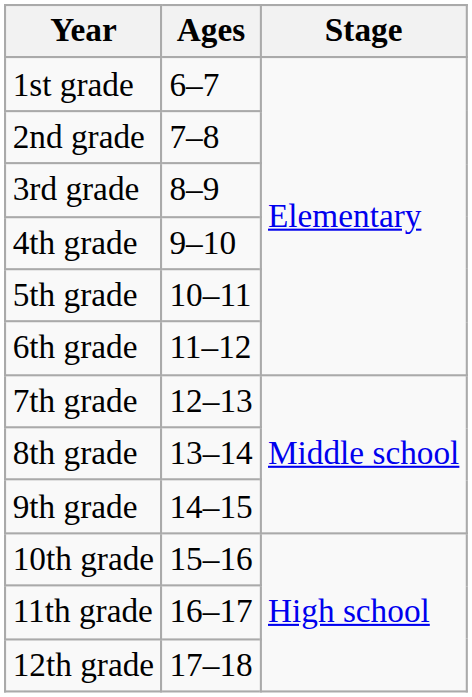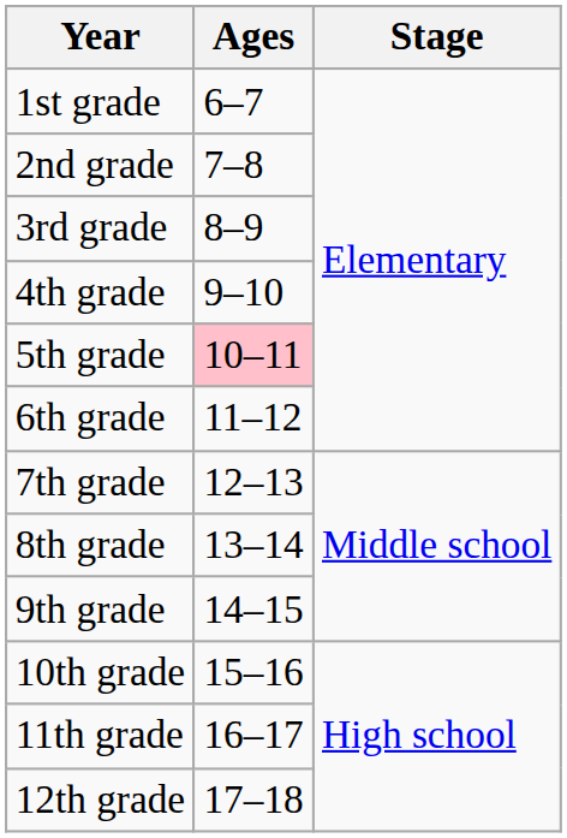 <table class="wikitable">
 <tr>
 <th>Year</th>
 <th>Ages</th>
 <th>Stage</th>
 </tr>
 <tr>
 <td>1st grade</td>
 <td>6–7</td>
 <td rowspan=6><a href='#'>Elementary</a></td>
 </tr>
 <tr>
 <td>2nd grade</td>
 <td>7–8</td>
 </tr>
 <tr>
 <td>3rd grade</td>
 <td>8–9</td>
 </tr>
 <tr>
 <td>4th grade</td>
 <td>9–10</td>
 </tr>
 <tr>
 <td>5th grade</td>
-<td>10–11</td>
+<td style="background: pink;">10–11</td>
 </tr>
 <tr>
 <td>6th grade</td>
 <td>11–12</td>
 </tr>
 <tr>
 <td>7th grade</td>
 <td>12–13</td>
 <td rowspan=3><a href='#'>Middle school</a></td>
 </tr>
 <tr>
 <td>8th grade</td>
 <td>13–14</td>
 </tr>
 <tr>
 <td>9th grade</td>
 <td>14–15</td>
 </tr>
 <tr>
 <td>10th grade</td>
 <td>15–16</td>
 <td rowspan=3><a href='#'>High school</a></td>
 </tr>
 <tr>
 <td>11th grade</td>
 <td>16–17</td>
 </tr>
 <tr>
 <td>12th grade</td>
 <td>17–18</td>
 </tr>
 </table>
